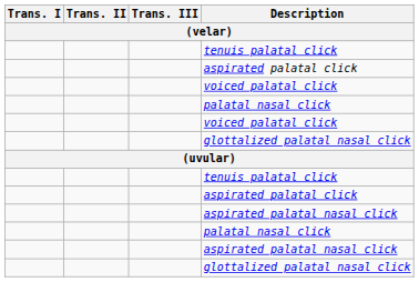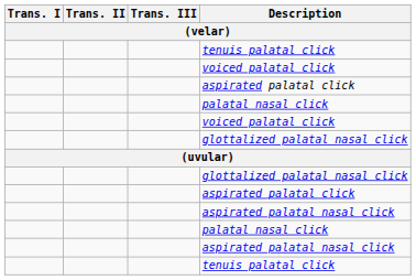 <table class="wikitable">
 <tr>
 <th>Trans. I</th>
 <th>Trans. II</th>
 <th>Trans. III</th>
 <th>Description</th>
 </tr>
 <tr>
 <th colspan=4>(velar)</th>
 </tr>
 <tr>
 <td style="font-size:24px" align="center"></td>
 <td style="font-size:24px" align="center"></td>
 <td style="font-size:24px" align="center"></td>
 <td><em><a href='#'>tenuis palatal click</a></em></td>
 </tr>
 <tr>
 <td style="font-size:24px" align="center"></td>
 <td style="font-size:24px" align="center"></td>
 <td style="font-size:24px" align="center"></td>
-<td><em><a href='#'>aspirated</a> palatal click</em></td>
+<td><em><a href='#'>voiced palatal click</a></em></td>
 </tr>
 <tr>
 <td style="font-size:24px" align="center"></td>
 <td style="font-size:24px" align="center"></td>
 <td style="font-size:24px" align="center"></td>
-<td><em><a href='#'>voiced palatal click</a></em></td>
+<td><em><a href='#'>aspirated</a> palatal click</em></td>
 </tr>
 <tr>
 <td style="font-size:24px" align="center"></td>
 <td style="font-size:24px" align="center"></td>
 <td style="font-size:24px" align="center"></td>
 <td><em><a href='#'>palatal nasal click</a></em></td>
 </tr>
 <tr>
 <td style="font-size:24px" align="center"></td>
 <td style="font-size:24px" align="center"></td>
 <td style="font-size:24px" align="center"></td>
 <td><em><a href='#'>voiced palatal click</a></em></td>
 </tr>
 <tr>
 <td style="font-size:24px" align="center"></td>
 <td style="font-size:24px" align="center"></td>
 <td style="font-size:24px" align="center"></td>
 <td><em><a href='#'>glottalized palatal nasal click</a></em></td>
 </tr>
 <tr>
 <th colspan=4>(uvular)</th>
 </tr>
 <tr>
 <td style="font-size:24px" align="center"></td>
 <td style="font-size:24px" align="center"></td>
 <td></td>
-<td><em><a href='#'>tenuis palatal click</a></em></td>
+<td><em><a href='#'>glottalized palatal nasal click</a></em></td>
 </tr>
 <tr>
 <td style="font-size:24px" align="center"></td>
 <td style="font-size:24px" align="center"></td>
 <td></td>
 <td><em><a href='#'>aspirated palatal click</a></em></td>
 </tr>
 <tr>
 <td style="font-size:24px" align="center"></td>
 <td style="font-size:24px" align="center"></td>
 <td></td>
 <td><em><a href='#'>aspirated palatal nasal click</a></em></td>
 </tr>
 <tr>
 <td style="font-size:24px" align="center"></td>
 <td style="font-size:24px" align="center"></td>
 <td></td>
 <td><em><a href='#'>palatal nasal click</a></em></td>
 </tr>
 <tr>
 <td style="font-size:24px" align="center"></td>
 <td style="font-size:24px" align="center"></td>
 <td></td>
 <td><em><a href='#'>aspirated palatal nasal click</a></em></td>
 </tr>
 <tr>
 <td style="font-size:24px" align="center"></td>
 <td style="font-size:24px" align="center"></td>
 <td></td>
-<td><em><a href='#'>glottalized palatal nasal click</a></em></td>
+<td><em><a href='#'>tenuis palatal click</a></em></td>
 </tr>
 </table>
